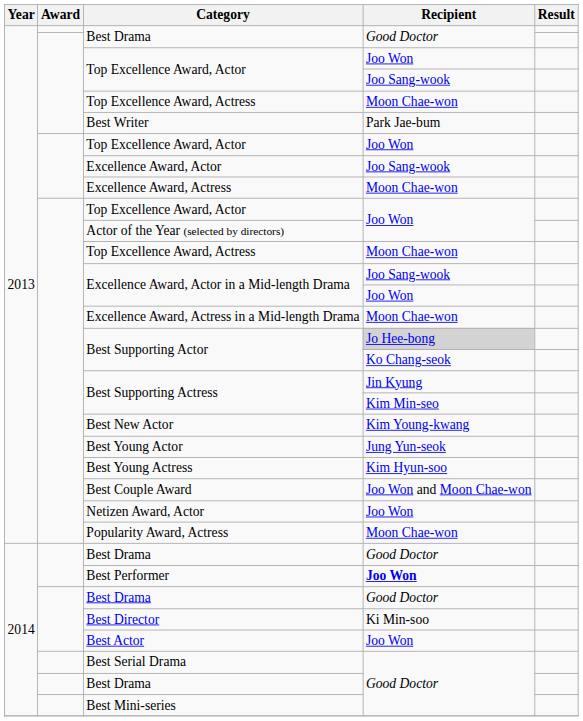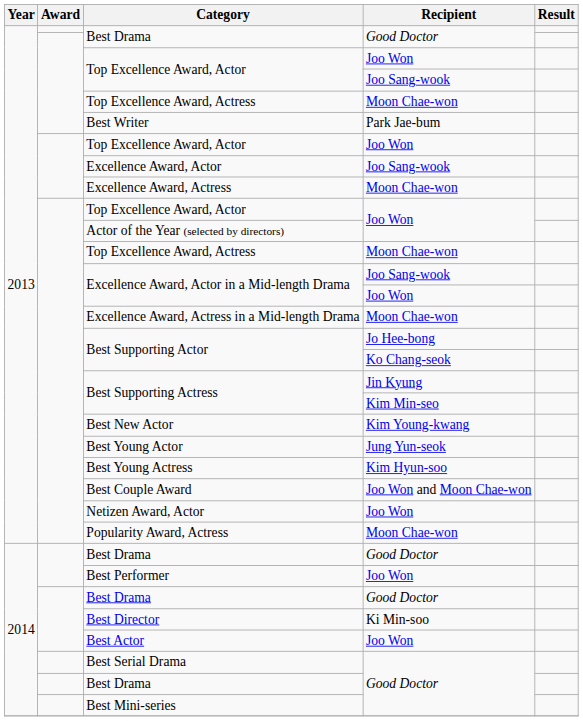 <table class="wikitable sortable">
 <tr>
 <th>Year</th>
 <th>Award</th>
 <th>Category</th>
 <th>Recipient</th>
 <th>Result</th>
 </tr>
 <tr>
 <td rowspan="25">2013</td>
 <td></td>
 <td rowspan="2">Best Drama</td>
 <td rowspan="2"><em>Good Doctor</em></td>
 <td></td>
 </tr>
 <tr>
 <td rowspan="5"></td>
 <td></td>
 </tr>
 <tr>
 <td rowspan=2>Top Excellence Award, Actor</td>
 <td><a href='#'>Joo Won</a></td>
 <td></td>
 </tr>
 <tr>
 <td><a href='#'>Joo Sang-wook</a></td>
 <td></td>
 </tr>
 <tr>
 <td>Top Excellence Award, Actress</td>
 <td><a href='#'>Moon Chae-won</a></td>
 <td></td>
 </tr>
 <tr>
 <td>Best Writer</td>
 <td>Park Jae-bum</td>
 <td></td>
 </tr>
 <tr>
 <td rowspan=3></td>
 <td>Top Excellence Award, Actor</td>
 <td><a href='#'>Joo Won</a></td>
 <td></td>
 </tr>
 <tr>
 <td>Excellence Award, Actor</td>
 <td><a href='#'>Joo Sang-wook</a></td>
 <td></td>
 </tr>
 <tr>
 <td>Excellence Award, Actress</td>
 <td><a href='#'>Moon Chae-won</a></td>
 <td></td>
 </tr>
 <tr>
 <td rowspan=16></td>
 <td>Top Excellence Award, Actor</td>
 <td rowspan=2><a href='#'>Joo Won</a></td>
 <td></td>
 </tr>
 <tr>
 <td>Actor of the Year <small>(selected by directors)</small></td>
 <td></td>
 </tr>
 <tr>
 <td>Top Excellence Award, Actress</td>
 <td><a href='#'>Moon Chae-won</a></td>
 <td></td>
 </tr>
 <tr>
 <td rowspan=2>Excellence Award, Actor in a Mid-length Drama</td>
 <td><a href='#'>Joo Sang-wook</a></td>
 <td></td>
 </tr>
 <tr>
 <td><a href='#'>Joo Won</a></td>
 <td></td>
 </tr>
 <tr>
 <td>Excellence Award, Actress in a Mid-length Drama</td>
 <td><a href='#'>Moon Chae-won</a></td>
 <td></td>
 </tr>
 <tr>
 <td rowspan=2>Best Supporting Actor</td>
-<td style="background: lightgrey;"><a href='#'>Jo Hee-bong</a></td>
+<td><a href='#'>Jo Hee-bong</a></td>
 <td></td>
 </tr>
 <tr>
 <td><a href='#'>Ko Chang-seok</a></td>
 <td></td>
 </tr>
 <tr>
 <td rowspan=2>Best Supporting Actress</td>
 <td><a href='#'>Jin Kyung</a></td>
 <td></td>
 </tr>
 <tr>
 <td><a href='#'>Kim Min-seo</a></td>
 <td></td>
 </tr>
 <tr>
 <td>Best New Actor</td>
 <td><a href='#'>Kim Young-kwang</a></td>
 <td></td>
 </tr>
 <tr>
 <td>Best Young Actor</td>
 <td><a href='#'>Jung Yun-seok</a></td>
 <td></td>
 </tr>
 <tr>
 <td>Best Young Actress</td>
 <td><a href='#'>Kim Hyun-soo</a></td>
 <td></td>
 </tr>
 <tr>
 <td>Best Couple Award</td>
 <td><a href='#'>Joo Won</a> and <a href='#'>Moon Chae-won</a></td>
 <td></td>
 </tr>
 <tr>
 <td>Netizen Award, Actor</td>
 <td><a href='#'>Joo Won</a></td>
 <td></td>
 </tr>
 <tr>
 <td>Popularity Award, Actress</td>
 <td><a href='#'>Moon Chae-won</a></td>
 <td></td>
 </tr>
 <tr>
 <td rowspan=8>2014</td>
 <td rowspan=2></td>
 <td>Best Drama</td>
 <td><em>Good Doctor</em></td>
 <td></td>
 </tr>
 <tr>
 <td>Best Performer</td>
-<td><strong><a href='#'>Joo Won</a></strong></td>
+<td><a href='#'>Joo Won</a></td>
 <td></td>
 </tr>
 <tr>
 <td rowspan=3></td>
 <td><a href='#'>Best Drama</a></td>
 <td><em>Good Doctor</em></td>
 <td></td>
 </tr>
 <tr>
 <td><a href='#'>Best Director</a></td>
 <td>Ki Min-soo</td>
 <td></td>
 </tr>
 <tr>
 <td><a href='#'>Best Actor</a></td>
 <td><a href='#'>Joo Won</a></td>
 <td></td>
 </tr>
 <tr>
 <td></td>
 <td>Best Serial Drama</td>
 <td rowspan=3><em>Good Doctor</em></td>
 <td></td>
 </tr>
 <tr>
 <td></td>
 <td>Best Drama</td>
 <td></td>
 </tr>
 <tr>
 <td></td>
 <td>Best Mini-series</td>
 <td></td>
 </tr>
 <tr>
 </tr>
 </table>
